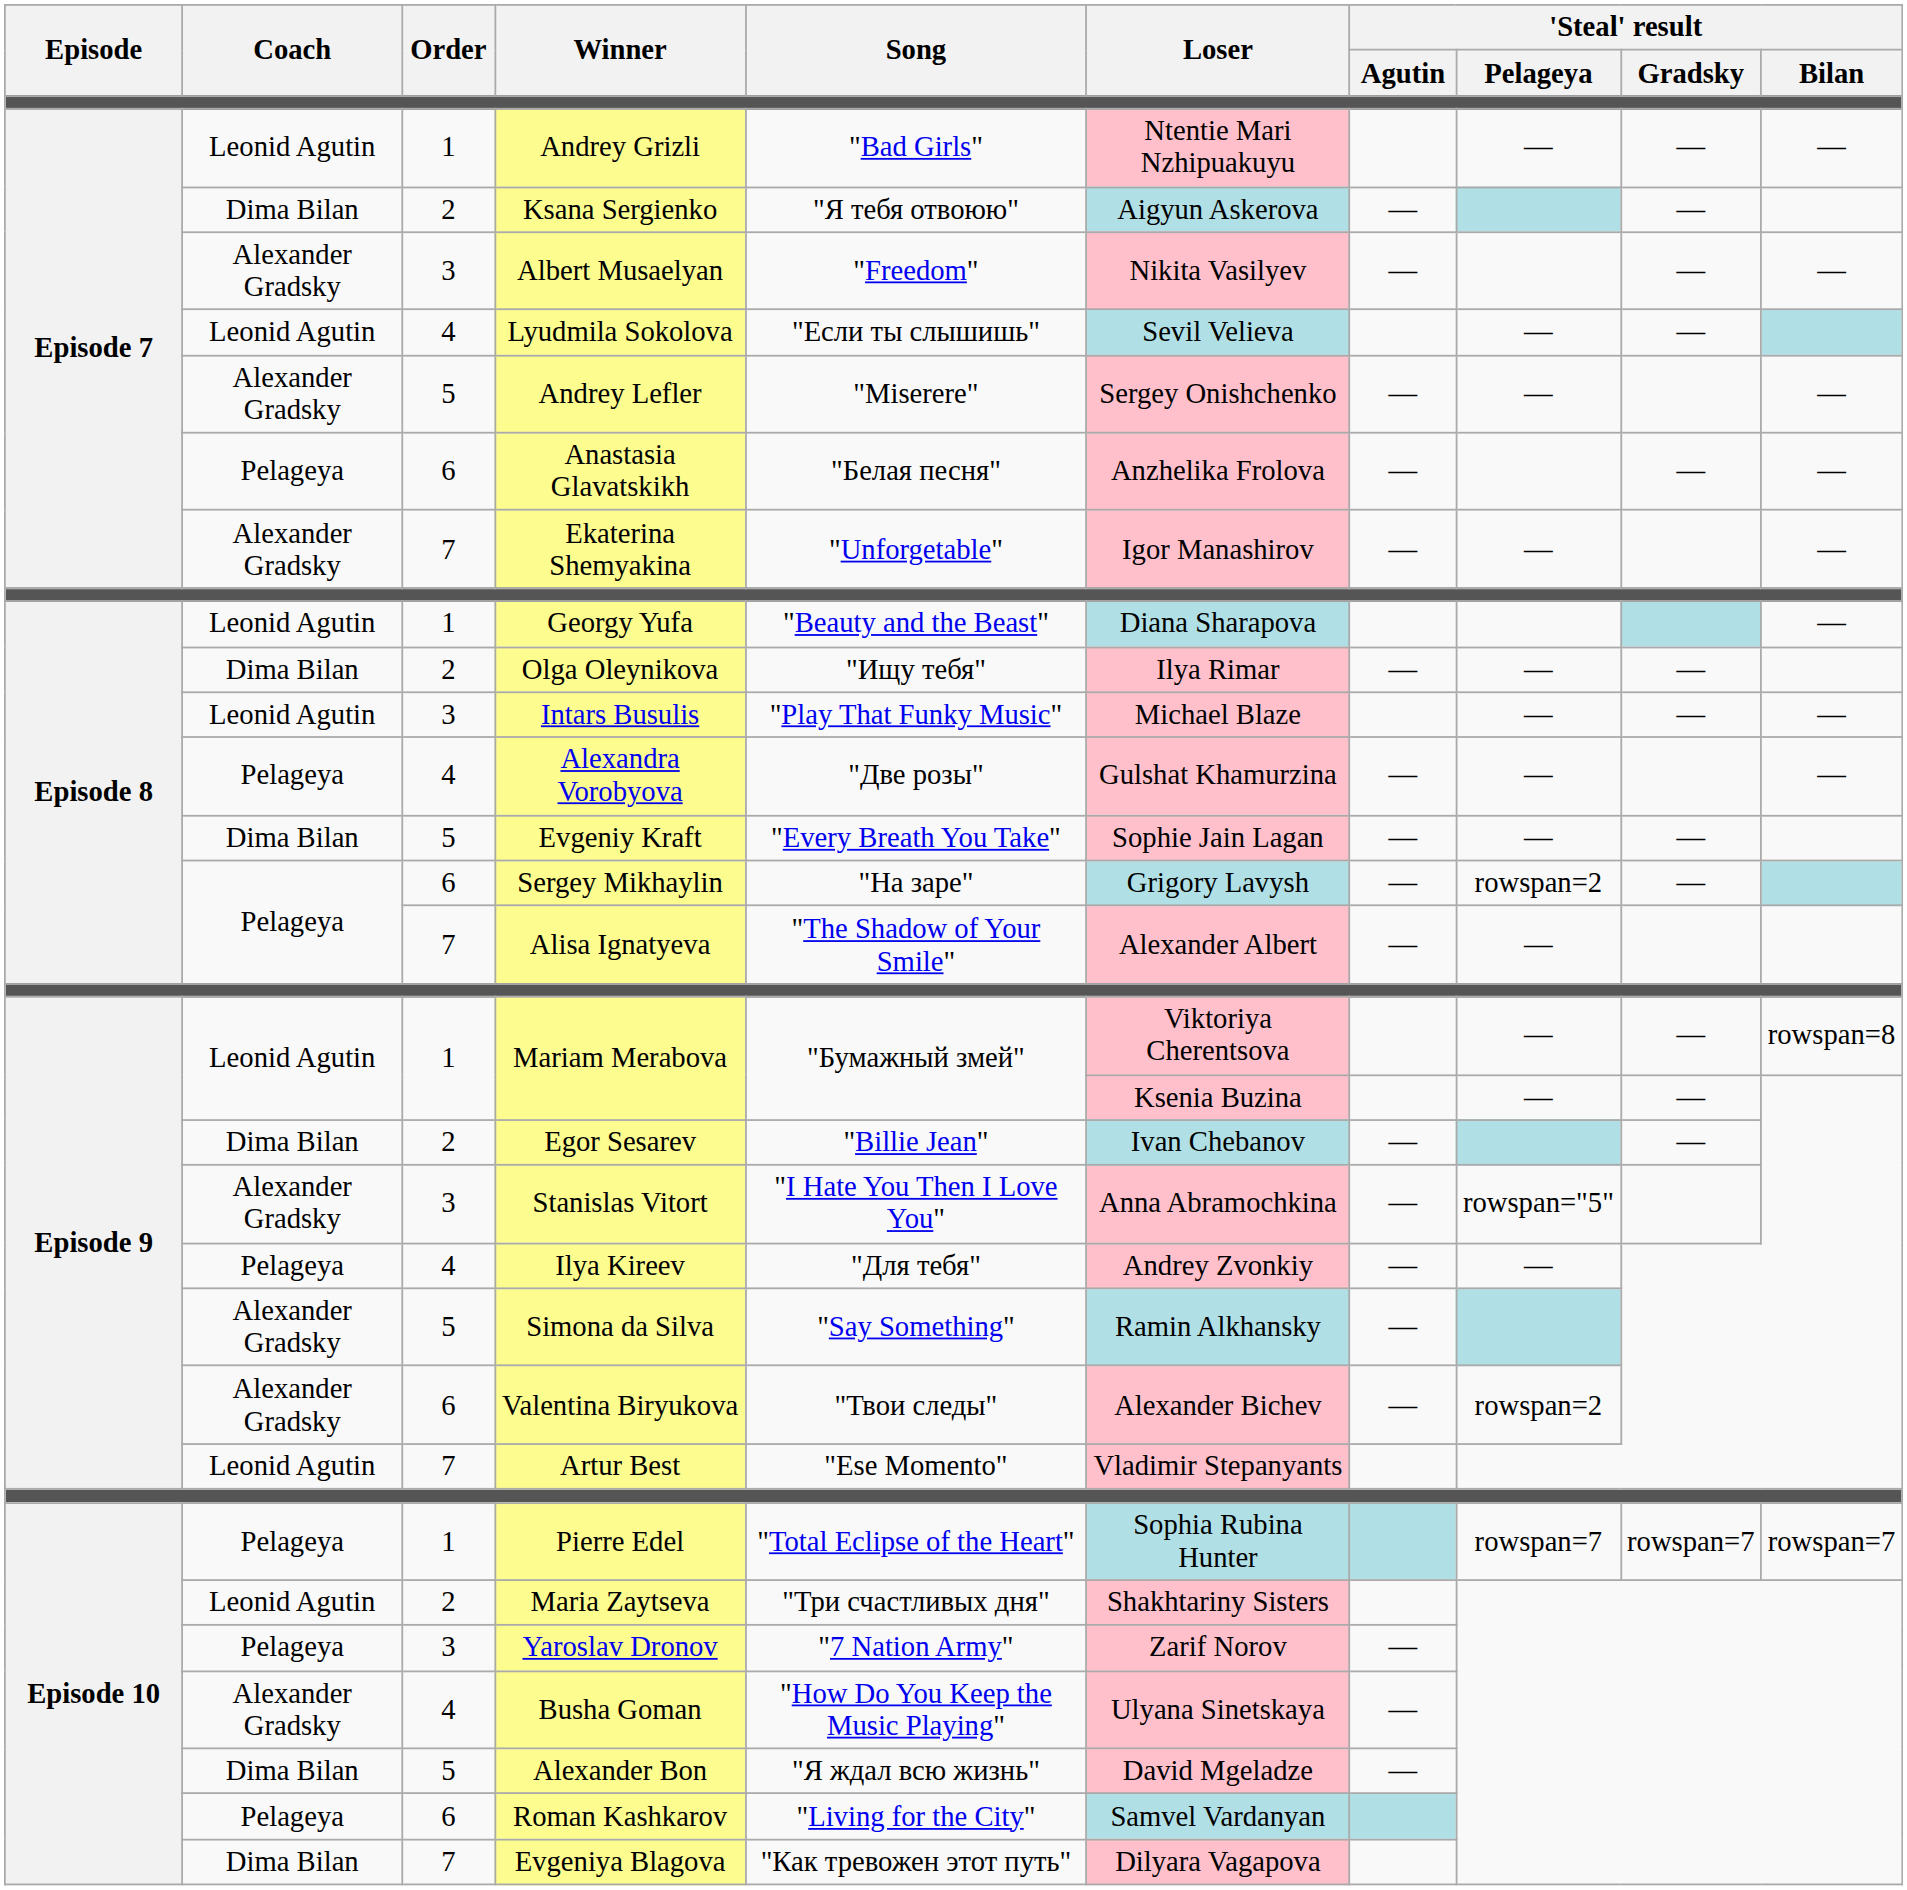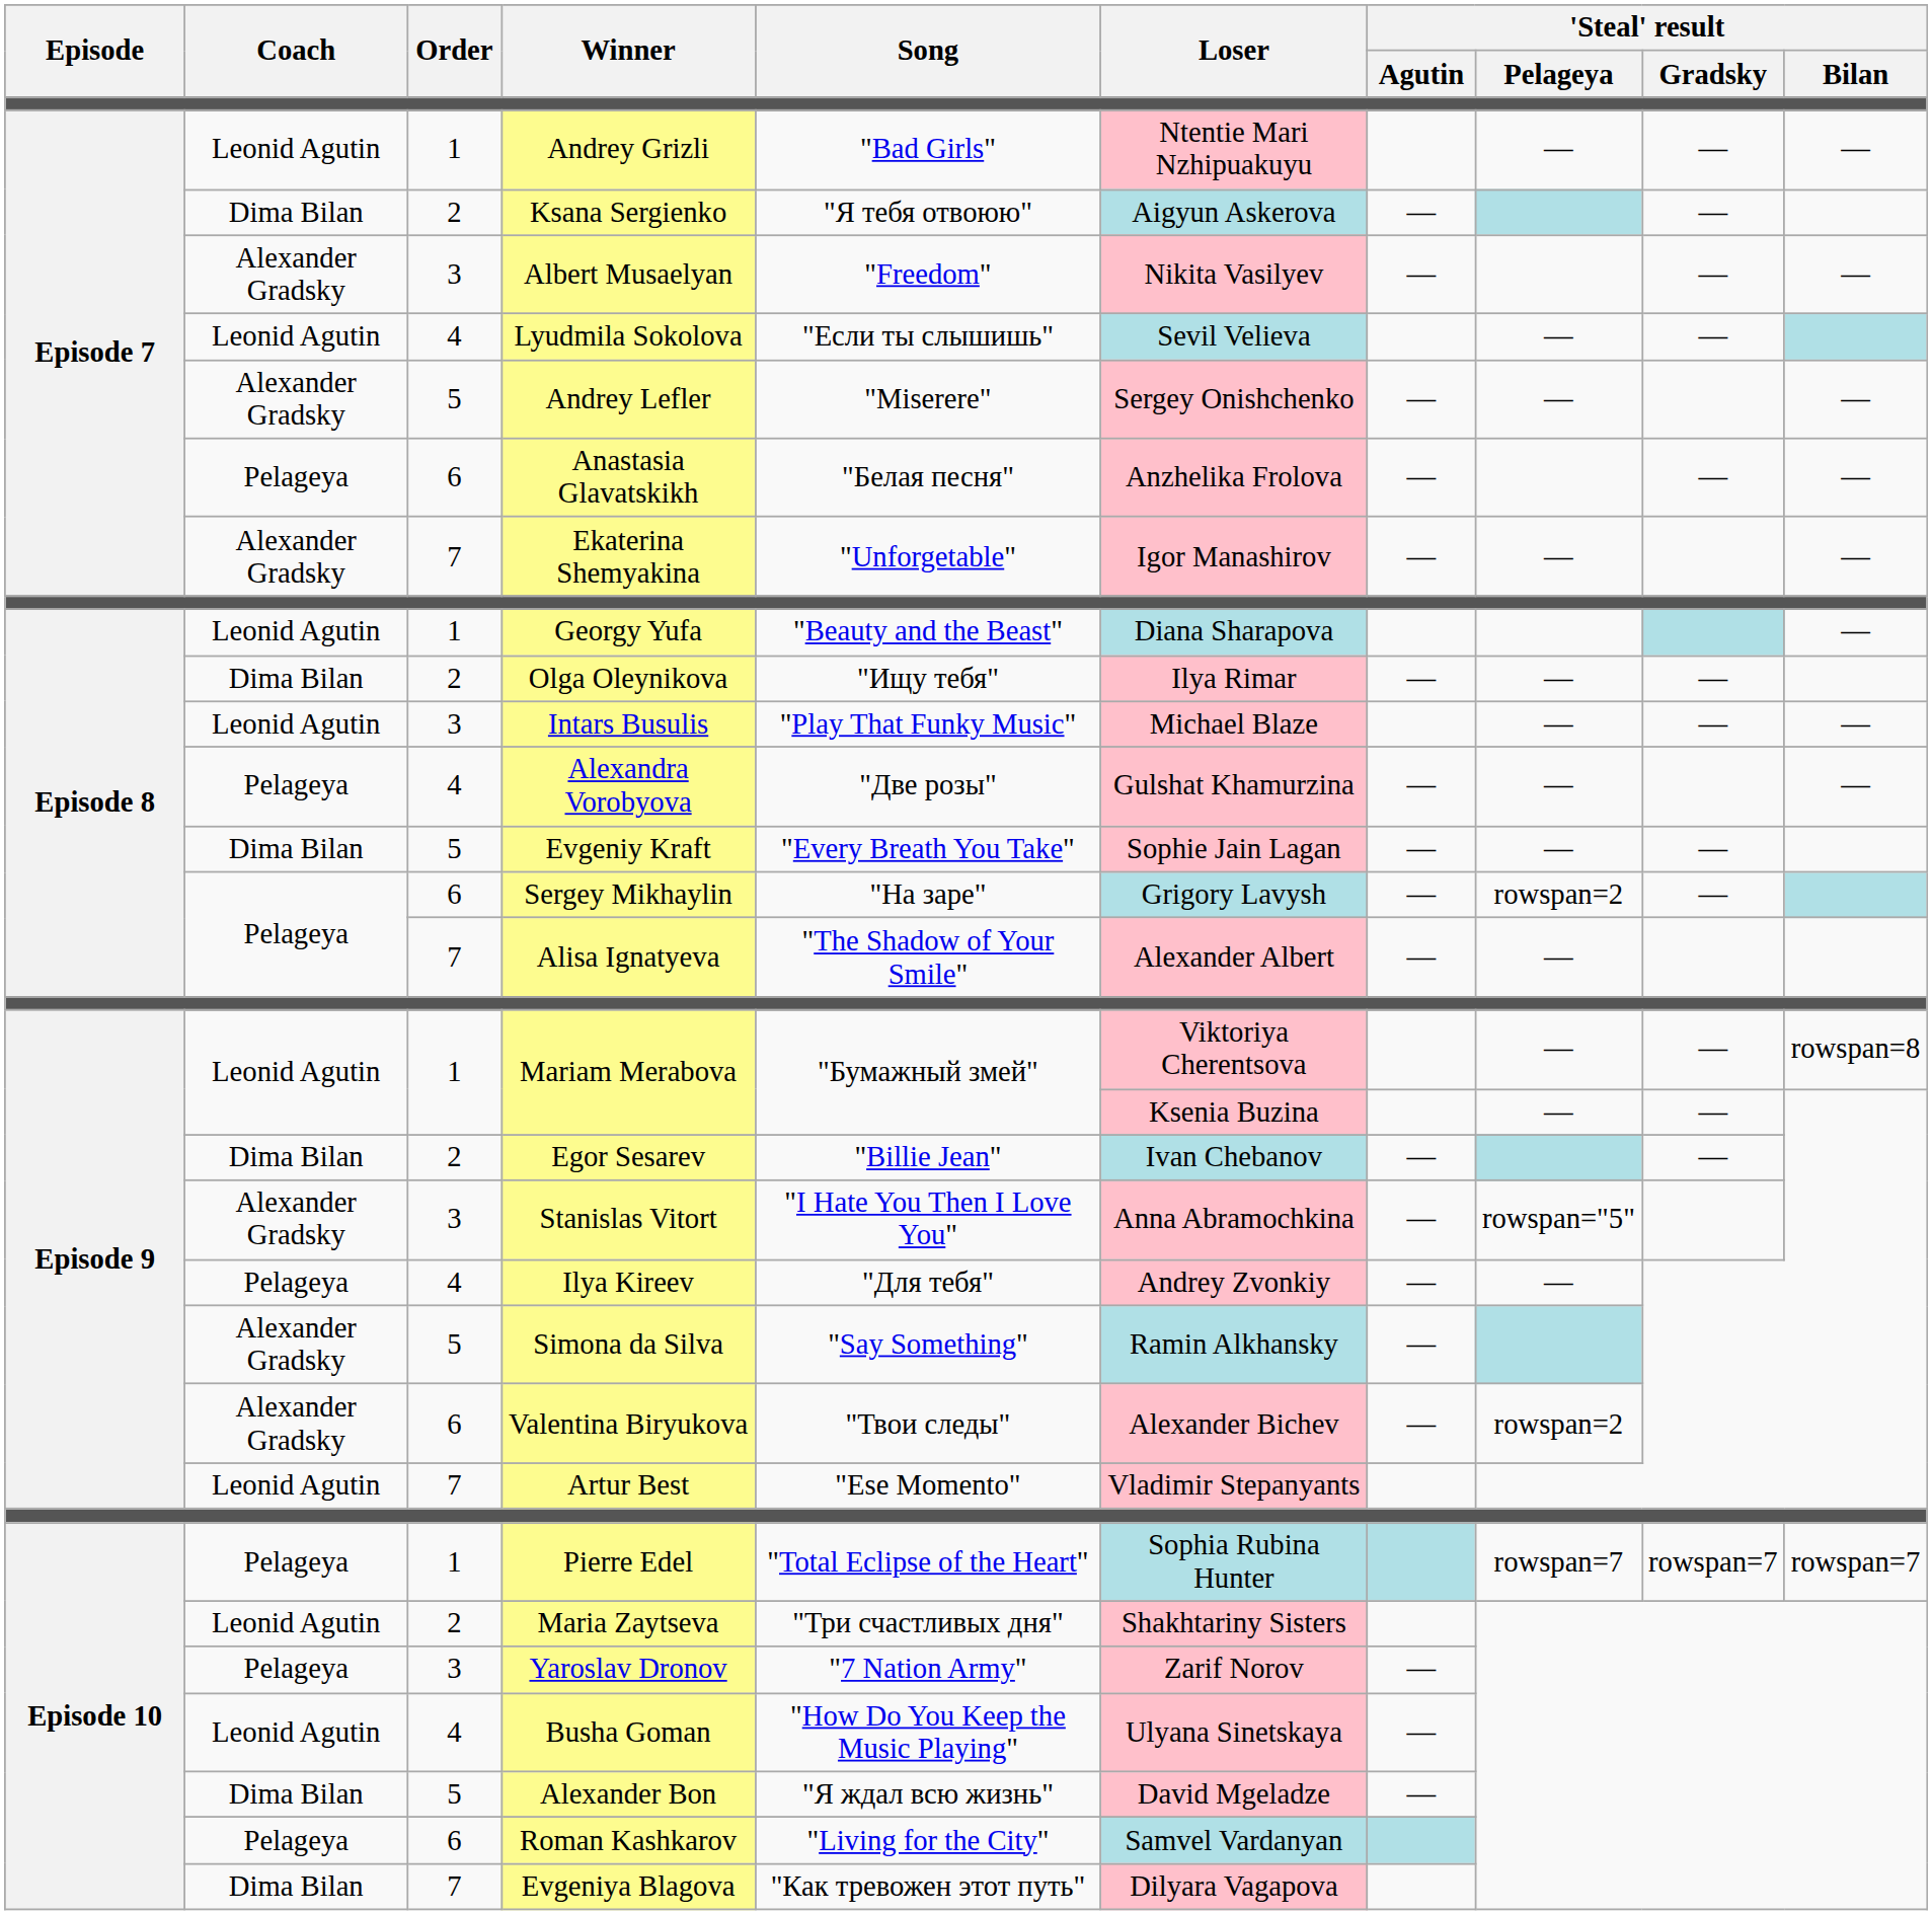 <table class="wikitable" style="text-align: center; width:120%;">
 <tr>
 <th rowspan="2" style="width:12%;">Episode</th>
 <th rowspan="2" style="width:15%;">Coach</th>
 <th rowspan="2" style="width:05%;">Order</th>
 <th rowspan="2" style="width:17%;">Winner</th>
 <th rowspan="2" style="width:24%;">Song</th>
 <th rowspan="2" style="width:17%;">Loser</th>
 <th colspan="4" style="width:20%;">'Steal' result</th>
 </tr>
 <tr>
 <th style="width:06%;">Agutin</th>
 <th style="width:06%;">Pelageya</th>
 <th style="width:06%;">Gradsky</th>
 <th style="width:06%;">Bilan</th>
 </tr>
 <tr>
 <td colspan="10" style="background:#555;"></td>
 </tr>
 <tr>
 <th rowspan=7>Episode 7 <br> </th>
 <td>Leonid Agutin</td>
 <td>1</td>
 <td style="background:#fdfc8f;">Andrey Grizli</td>
 <td>"<a href='#'>Bad Girls</a>"</td>
 <td style="background:pink;">Ntentie Mari Nzhipuakuyu</td>
 <td></td>
 <td>—</td>
 <td>—</td>
 <td>—</td>
 </tr>
 <tr>
 <td>Dima Bilan</td>
 <td>2</td>
 <td style="background:#fdfc8f;">Ksana Sergienko</td>
 <td>"Я тебя отвоюю"</td>
 <td style="background:#B0E0E6;">Aigyun Askerova</td>
 <td>—</td>
 <td style="background:#B0E0E6;"><strong></strong></td>
 <td>—</td>
 <td></td>
 </tr>
 <tr>
 <td>Alexander Gradsky</td>
 <td>3</td>
 <td style="background:#fdfc8f;">Albert Musaelyan</td>
 <td>"<a href='#'>Freedom</a>"</td>
 <td style="background:pink;">Nikita Vasilyev</td>
 <td>—</td>
 <td></td>
 <td>—</td>
 <td>—</td>
 </tr>
 <tr>
 <td>Leonid Agutin</td>
 <td>4</td>
 <td style="background:#fdfc8f;">Lyudmila Sokolova</td>
 <td>"Если ты слышишь"</td>
 <td style="background:#B0E0E6;">Sevil Velieva</td>
 <td></td>
 <td>—</td>
 <td>—</td>
 <td style="background:#B0E0E6;"><strong></strong></td>
 </tr>
 <tr>
 <td>Alexander Gradsky</td>
 <td>5</td>
 <td style="background:#fdfc8f;">Andrey Lefler</td>
 <td>"Miserere"</td>
 <td style="background:pink;">Sergey Onishchenko</td>
 <td>—</td>
 <td>—</td>
 <td></td>
 <td>—</td>
 </tr>
 <tr>
 <td>Pelageya</td>
 <td>6</td>
 <td style="background:#fdfc8f;">Anastasia Glavatskikh</td>
 <td>"Белая песня"</td>
 <td style="background:pink;">Anzhelika Frolova</td>
 <td>—</td>
 <td></td>
 <td>—</td>
 <td>—</td>
 </tr>
 <tr>
 <td>Alexander Gradsky</td>
 <td>7</td>
 <td style="background:#fdfc8f;">Ekaterina Shemyakina</td>
 <td>"<a href='#'>Unforgetable</a>"</td>
 <td style="background:pink;">Igor Manashirov</td>
 <td>—</td>
 <td>—</td>
 <td></td>
 <td>—</td>
 </tr>
 <tr>
 <td colspan="10" style="background:#555;"></td>
 </tr>
 <tr>
 <th rowspan=7>Episode 8 <br> </th>
 <td>Leonid Agutin</td>
 <td>1</td>
 <td style="background:#fdfc8f;">Georgy Yufa</td>
 <td>"<a href='#'>Beauty and the Beast</a>"</td>
 <td style="background:#B0E0E6;">Diana Sharapova</td>
 <td></td>
 <td><strong></strong></td>
 <td style="background:#B0E0E6;"><strong></strong></td>
 <td>—</td>
 </tr>
 <tr>
 <td>Dima Bilan</td>
 <td>2</td>
 <td style="background:#fdfc8f;">Olga Oleynikova</td>
 <td>"Ищу тебя"</td>
 <td style="background:pink;">Ilya Rimar</td>
 <td>—</td>
 <td>—</td>
 <td>—</td>
 <td></td>
 </tr>
 <tr>
 <td>Leonid Agutin</td>
 <td>3</td>
 <td style="background:#fdfc8f;"><a href='#'>Intars Busulis</a></td>
 <td>"<a href='#'>Play That Funky Music</a>"</td>
 <td style="background:pink;">Michael Blaze</td>
 <td></td>
 <td>—</td>
 <td>—</td>
 <td>—</td>
 </tr>
 <tr>
 <td>Pelageya</td>
 <td>4</td>
 <td style="background:#fdfc8f;"><a href='#'>Alexandra Vorobyova</a></td>
 <td>"Две розы"</td>
 <td style="background:pink;">Gulshat Khamurzina</td>
 <td>—</td>
 <td>—</td>
 <td></td>
 <td>—</td>
 </tr>
 <tr>
 <td>Dima Bilan</td>
 <td>5</td>
 <td style="background:#fdfc8f;">Evgeniy Kraft</td>
 <td>"<a href='#'>Every Breath You Take</a>"</td>
 <td style="background:pink;">Sophie Jain Lagan</td>
 <td>—</td>
 <td>—</td>
 <td>—</td>
 <td></td>
 </tr>
 <tr>
 <td rowspan="2">Pelageya</td>
 <td>6</td>
 <td style="background:#fdfc8f;">Sergey Mikhaylin</td>
 <td>"На заре"</td>
 <td style="background:#B0E0E6;">Grigory Lavysh</td>
 <td>—</td>
 <td>rowspan=2 </td>
 <td>—</td>
 <td style="background:#B0E0E6;"><strong></strong></td>
 </tr>
 <tr>
 <td>7</td>
 <td style="background:#fdfc8f;">Alisa Ignatyeva</td>
 <td>"<a href='#'>The Shadow of Your Smile</a>"</td>
 <td style="background:pink;">Alexander Albert</td>
 <td>—</td>
 <td>—</td>
 <td></td>
 </tr>
 <tr>
 <td colspan=10 style="background:#555;"></td>
 </tr>
 <tr>
 <th rowspan=8>Episode 9 <br> </th>
 <td rowspan=2>Leonid Agutin</td>
 <td rowspan=2>1</td>
 <td rowspan=2 style="background:#fdfc8f;">Mariam Merabova</td>
 <td rowspan=2>"Бумажный змей"</td>
 <td style="background:pink;">Viktoriya Cherentsova</td>
 <td></td>
 <td>—</td>
 <td>—</td>
 <td>rowspan=8 </td>
 </tr>
 <tr>
 <td style="background:pink;">Ksenia Buzina</td>
 <td></td>
 <td>—</td>
 <td>—</td>
 </tr>
 <tr>
 <td>Dima Bilan</td>
 <td>2</td>
 <td style="background:#fdfc8f;">Egor Sesarev</td>
 <td>"<a href='#'>Billie Jean</a>"</td>
 <td style="background:#B0E0E6;">Ivan Chebanov</td>
 <td>—</td>
 <td style="background:#B0E0E6;"><strong></strong></td>
 <td>—</td>
 </tr>
 <tr>
 <td>Alexander Gradsky</td>
 <td>3</td>
 <td style="background:#fdfc8f;">Stanislas Vitort</td>
 <td>"<a href='#'>I Hate You Then I Love You</a>"</td>
 <td style="background:pink;">Anna Abramochkina</td>
 <td>—</td>
 <td>rowspan="5" </td>
 <td></td>
 </tr>
 <tr>
 <td>Pelageya</td>
 <td>4</td>
 <td style="background:#fdfc8f;">Ilya Kireev</td>
 <td>"Для тебя"</td>
 <td style="background:pink;">Andrey Zvonkiy</td>
 <td>—</td>
 <td>—</td>
 </tr>
 <tr>
 <td>Alexander Gradsky</td>
 <td>5</td>
 <td style="background:#fdfc8f;">Simona da Silva</td>
 <td>"<a href='#'>Say Something</a>"</td>
 <td style="background:#B0E0E6;">Ramin Alkhansky</td>
 <td>—</td>
 <td style="background:#B0E0E6;"><strong></strong></td>
 </tr>
 <tr>
 <td>Alexander Gradsky</td>
 <td>6</td>
 <td style="background:#fdfc8f;">Valentina Biryukova</td>
 <td>"Твои следы"</td>
 <td style="background:pink;">Alexander Bichev</td>
 <td>—</td>
 <td>rowspan=2 </td>
 </tr>
 <tr>
 <td>Leonid Agutin</td>
 <td>7</td>
 <td style="background:#fdfc8f;">Artur Best</td>
 <td>"Ese Momento"</td>
 <td style="background:pink;">Vladimir Stepanyants</td>
 <td></td>
 </tr>
 <tr>
 <td colspan="10" style="background:#555;"></td>
 </tr>
 <tr>
 <th rowspan=7>Episode 10 <br> </th>
 <td>Pelageya</td>
 <td>1</td>
 <td style="background:#fdfc8f;">Pierre Edel</td>
 <td>"<a href='#'>Total Eclipse of the Heart</a>"</td>
 <td style="background:#B0E0E6;">Sophia Rubina Hunter</td>
 <td style="background:#B0E0E6;"><strong></strong></td>
 <td>rowspan=7 </td>
 <td>rowspan=7 </td>
 <td>rowspan=7 </td>
 </tr>
 <tr>
 <td>Leonid Agutin</td>
 <td>2</td>
 <td style="background:#fdfc8f;">Maria Zaytseva</td>
 <td>"Три счастливых дня"</td>
 <td style="background:pink;">Shakhtariny Sisters</td>
 <td></td>
 </tr>
 <tr>
 <td>Pelageya</td>
 <td>3</td>
 <td style="background:#fdfc8f;"><a href='#'>Yaroslav Dronov</a></td>
 <td>"<a href='#'>7 Nation Army</a>"</td>
 <td style="background:pink;">Zarif Norov</td>
 <td>—</td>
 </tr>
 <tr>
-<td>Alexander Gradsky</td>
+<td>Leonid Agutin</td>
 <td>4</td>
 <td style="background:#fdfc8f;">Busha Goman</td>
 <td>"<a href='#'>How Do You Keep the Music Playing</a>"</td>
 <td style="background:pink;">Ulyana Sinetskaya</td>
 <td>—</td>
 </tr>
 <tr>
 <td>Dima Bilan</td>
 <td>5</td>
 <td style="background:#fdfc8f;">Alexander Bon</td>
 <td>"Я ждал всю жизнь"</td>
 <td style="background:pink;">David Mgeladze</td>
 <td>—</td>
 </tr>
 <tr>
 <td>Pelageya</td>
 <td>6</td>
 <td style="background:#fdfc8f;">Roman Kashkarov</td>
 <td>"<a href='#'>Living for the City</a>"</td>
 <td style="background:#B0E0E6;">Samvel Vardanyan</td>
 <td style="background:#B0E0E6;"><strong></strong></td>
 </tr>
 <tr>
 <td>Dima Bilan</td>
 <td>7</td>
 <td style="background:#fdfc8f;">Evgeniya Blagova</td>
 <td>"Как тревожен этот путь"</td>
 <td style="background:pink;">Dilyara Vagapova</td>
 <td></td>
 </tr>
 </table>
